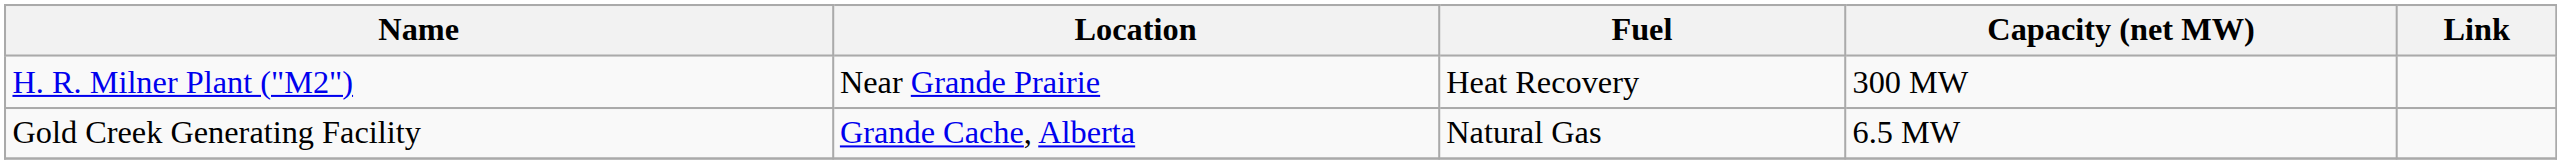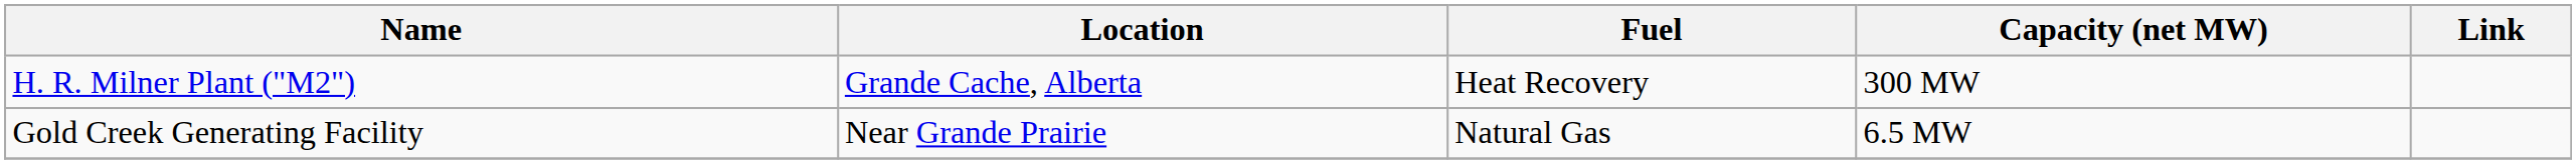 <table class="wikitable" width="100%">
 <tr>
 <th>Name</th>
 <th>Location</th>
 <th>Fuel</th>
 <th>Capacity (net MW)</th>
 <th>Link</th>
 </tr>
 <tr>
 <td><a href='#'>H. R. Milner Plant ("M2")</a></td>
-<td>Near <a href='#'>Grande Prairie</a></td>
+<td><a href='#'>Grande Cache</a>, <a href='#'>Alberta</a></td>
 <td>Heat Recovery</td>
 <td>300 MW</td>
 <td></td>
 </tr>
 <tr>
 <td>Gold Creek Generating Facility</td>
-<td><a href='#'>Grande Cache</a>, <a href='#'>Alberta</a></td>
+<td>Near <a href='#'>Grande Prairie</a></td>
 <td>Natural Gas</td>
 <td>6.5 MW</td>
 <td></td>
 </tr>
 <tr>
 </tr>
 </table>
